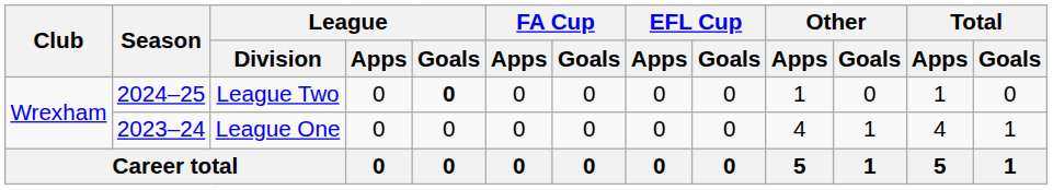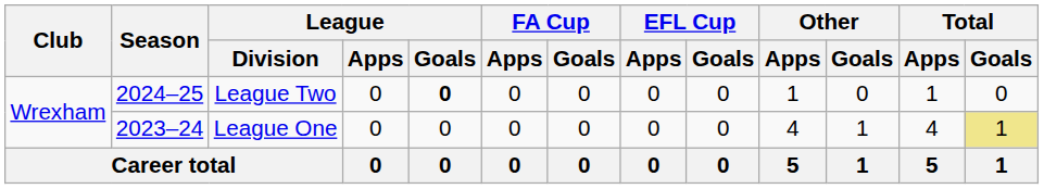 <table class="wikitable" style="text-align: center;">
 <tr>
 <th rowspan="2">Club</th>
 <th rowspan="2">Season</th>
 <th colspan="3">League</th>
 <th colspan="2"><a href='#'>FA Cup</a></th>
 <th colspan="2"><a href='#'>EFL Cup</a></th>
 <th colspan="2">Other</th>
 <th colspan="2">Total</th>
 </tr>
 <tr>
 <th>Division</th>
 <th>Apps</th>
 <th>Goals</th>
 <th>Apps</th>
 <th>Goals</th>
 <th>Apps</th>
 <th>Goals</th>
 <th>Apps</th>
 <th>Goals</th>
 <th>Apps</th>
 <th>Goals</th>
 </tr>
 <tr>
 <td rowspan="2"><a href='#'>Wrexham</a></td>
 <td><a href='#'>2024–25</a></td>
 <td><a href='#'>League Two</a></td>
 <td>0</td>
 <td><strong>0</strong></td>
 <td>0</td>
 <td>0</td>
 <td>0</td>
 <td>0</td>
 <td>1</td>
 <td>0</td>
 <td>1</td>
 <td>0</td>
 </tr>
 <tr>
 <td><a href='#'>2023–24</a></td>
 <td><a href='#'>League One</a></td>
 <td>0</td>
 <td>0</td>
 <td>0</td>
 <td>0</td>
 <td>0</td>
 <td>0</td>
 <td>4</td>
 <td>1</td>
 <td>4</td>
-<td>1</td>
+<td style="background: khaki;">1</td>
 </tr>
 <tr>
 <th colspan="3">Career total</th>
 <th>0</th>
 <th>0</th>
 <th>0</th>
 <th>0</th>
 <th>0</th>
 <th>0</th>
 <th>5</th>
 <th>1</th>
 <th>5</th>
 <th>1</th>
 </tr>
 </table>
